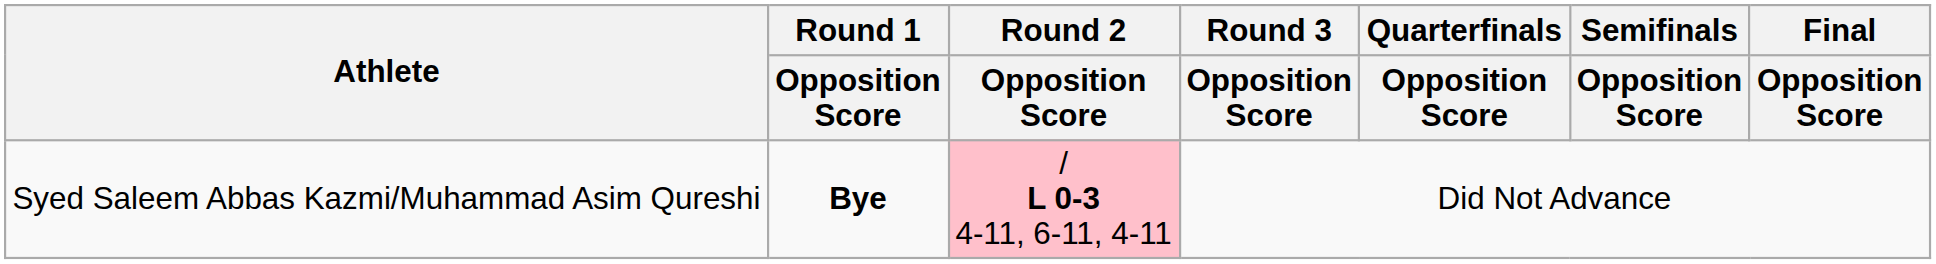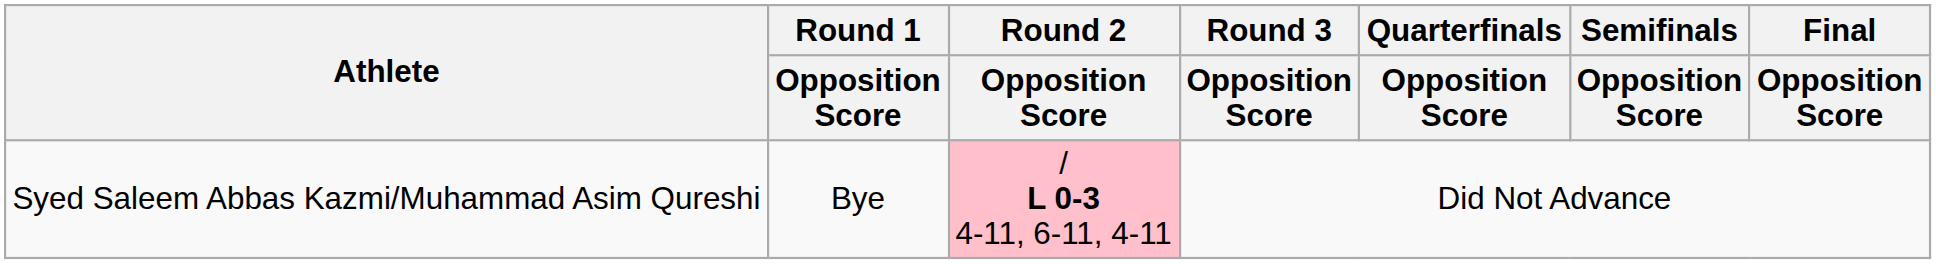 <table class=wikitable style="text-align:center; font-size:90%">
 <tr>
 <th rowspan="2">Athlete</th>
 <th>Round 1</th>
 <th>Round 2</th>
 <th>Round 3</th>
 <th>Quarterfinals</th>
 <th>Semifinals</th>
 <th>Final</th>
 </tr>
 <tr>
 <th>Opposition<br>Score</th>
 <th>Opposition<br>Score</th>
 <th>Opposition<br>Score</th>
 <th>Opposition<br>Score</th>
 <th>Opposition<br>Score</th>
 <th>Opposition<br>Score</th>
 </tr>
 <tr>
 <td>Syed Saleem Abbas Kazmi/Muhammad Asim Qureshi</td>
-<td><strong>Bye</strong></td>
+<td>Bye</td>
 <td style="text-align:center; background:pink;">/<br><strong>L 0-3</strong><br>4-11, 6-11, 4-11</td>
 <td colspan=4>Did Not Advance</td>
 </tr>
 </table>
